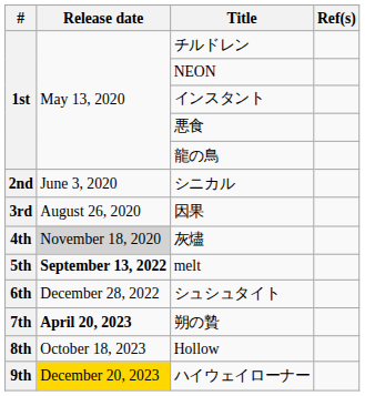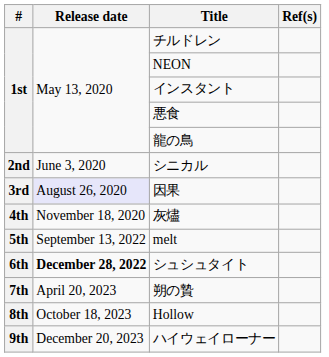 <table class="wikitable" style="font-size: small;">
 <tr>
 <th>#</th>
 <th>Release date</th>
 <th>Title</th>
 <th>Ref(s)</th>
 </tr>
 <tr>
 <th rowspan="5">1st</th>
 <td rowspan="5">May 13, 2020</td>
 <td>チルドレン</td>
 <td></td>
 </tr>
 <tr>
 <td>NEON</td>
 <td></td>
 </tr>
 <tr>
 <td>インスタント</td>
 <td></td>
 </tr>
 <tr>
 <td>悪食</td>
 <td></td>
 </tr>
 <tr>
 <td>龍の鳥</td>
 <td></td>
 </tr>
 <tr>
 <th>2nd</th>
 <td>June 3, 2020</td>
 <td>シニカル</td>
 <td></td>
 </tr>
 <tr>
 <th>3rd</th>
-<td>August 26, 2020</td>
+<td style="background: lavender;">August 26, 2020</td>
 <td>因果</td>
 <td></td>
 </tr>
 <tr>
 <th>4th</th>
-<td style="background: lightgrey;">November 18, 2020</td>
+<td>November 18, 2020</td>
 <td>灰燼</td>
 <td></td>
 </tr>
 <tr>
 <th>5th</th>
-<td><strong>September 13, 2022</strong></td>
+<td>September 13, 2022</td>
 <td>melt</td>
 <td></td>
 </tr>
 <tr>
 <th>6th</th>
-<td>December 28, 2022</td>
+<td><strong>December 28, 2022</strong></td>
 <td>シュシュタイト</td>
 <td></td>
 </tr>
 <tr>
 <th>7th</th>
-<td><strong>April 20, 2023</strong></td>
+<td>April 20, 2023</td>
 <td>朔の贄</td>
 <td></td>
 </tr>
 <tr>
 <th>8th</th>
 <td>October 18, 2023</td>
 <td>Hollow</td>
 <td></td>
 </tr>
 <tr>
 <th>9th</th>
-<td style="background: gold;">December 20, 2023</td>
+<td>December 20, 2023</td>
 <td>ハイウェイローナー</td>
 <td></td>
 </tr>
 </table>
